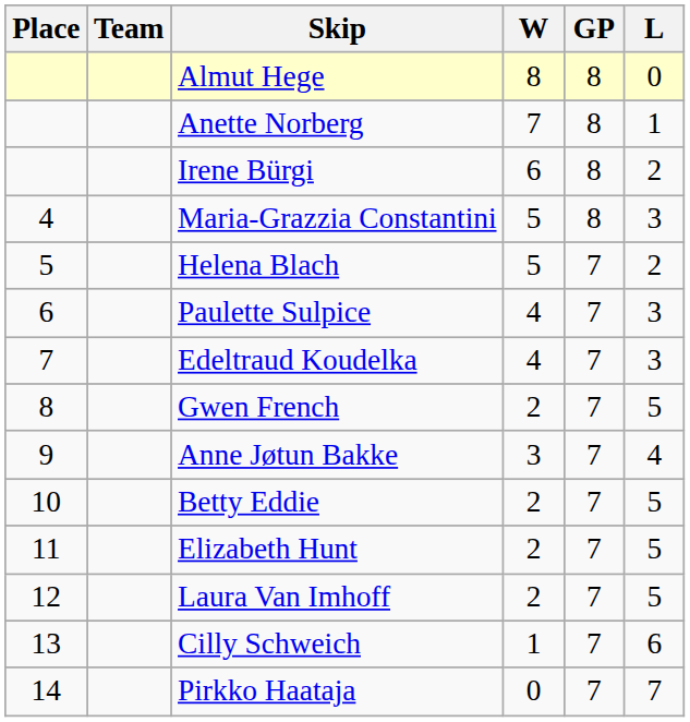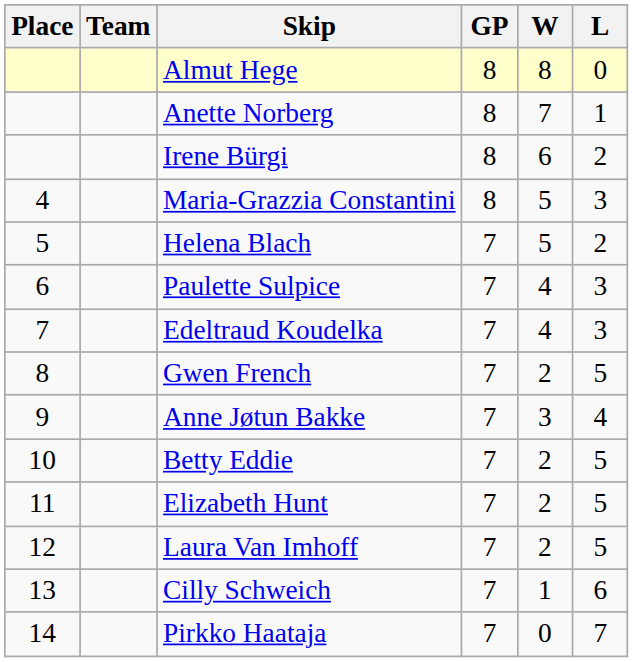 <table class="wikitable" style="text-align:center;">
 <tr>
 <th>Place</th>
 <th>Team</th>
 <th>Skip</th>
+<th width="25">GP</th>
 <th width="25">W</th>
-<th width="25">GP</th>
 <th width="25">L</th>
 </tr>
 <tr bgcolor="#ffffcc">
 <td></td>
 <td align=left></td>
 <td align=left><a href='#'>Almut Hege</a></td>
 <td>8</td>
 <td>8</td>
 <td>0</td>
 </tr>
 <tr>
 <td></td>
 <td align=left></td>
 <td align=left><a href='#'>Anette Norberg</a></td>
+<td>8</td>
 <td>7</td>
-<td>8</td>
 <td>1</td>
 </tr>
 <tr>
 <td></td>
 <td align=left></td>
 <td align=left><a href='#'>Irene Bürgi</a></td>
+<td>8</td>
 <td>6</td>
-<td>8</td>
 <td>2</td>
 </tr>
 <tr>
 <td>4</td>
 <td align=left></td>
 <td align=left><a href='#'>Maria-Grazzia Constantini</a></td>
+<td>8</td>
 <td>5</td>
-<td>8</td>
 <td>3</td>
 </tr>
 <tr>
 <td>5</td>
 <td align=left></td>
 <td align=left><a href='#'>Helena Blach</a></td>
+<td>7</td>
 <td>5</td>
-<td>7</td>
 <td>2</td>
 </tr>
 <tr>
 <td>6</td>
 <td align=left></td>
 <td align=left><a href='#'>Paulette Sulpice</a></td>
+<td>7</td>
 <td>4</td>
-<td>7</td>
 <td>3</td>
 </tr>
 <tr>
 <td>7</td>
 <td align=left></td>
 <td align=left><a href='#'>Edeltraud Koudelka</a></td>
+<td>7</td>
 <td>4</td>
-<td>7</td>
 <td>3</td>
 </tr>
 <tr>
 <td>8</td>
 <td align=left></td>
 <td align=left><a href='#'>Gwen French</a></td>
+<td>7</td>
 <td>2</td>
-<td>7</td>
 <td>5</td>
 </tr>
 <tr>
 <td>9</td>
 <td align=left></td>
 <td align=left><a href='#'>Anne Jøtun Bakke</a></td>
+<td>7</td>
 <td>3</td>
-<td>7</td>
 <td>4</td>
 </tr>
 <tr>
 <td>10</td>
 <td align=left></td>
 <td align=left><a href='#'>Betty Eddie</a></td>
+<td>7</td>
 <td>2</td>
-<td>7</td>
 <td>5</td>
 </tr>
 <tr>
 <td>11</td>
 <td align=left></td>
 <td align=left><a href='#'>Elizabeth Hunt</a></td>
+<td>7</td>
 <td>2</td>
-<td>7</td>
 <td>5</td>
 </tr>
 <tr>
 <td>12</td>
 <td align=left></td>
 <td align=left><a href='#'>Laura Van Imhoff</a></td>
+<td>7</td>
 <td>2</td>
-<td>7</td>
 <td>5</td>
 </tr>
 <tr>
 <td>13</td>
 <td align=left></td>
 <td align=left><a href='#'>Cilly Schweich</a></td>
+<td>7</td>
 <td>1</td>
-<td>7</td>
 <td>6</td>
 </tr>
 <tr>
 <td>14</td>
 <td align=left></td>
 <td align=left><a href='#'>Pirkko Haataja</a></td>
+<td>7</td>
 <td>0</td>
-<td>7</td>
 <td>7</td>
 </tr>
 </table>
